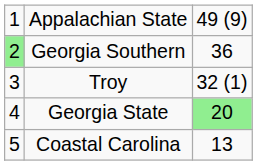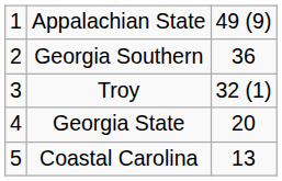 <table class="wikitable" style="display: inline-table;">
 <tr align="center">
 <td>1</td>
 <td>Appalachian State</td>
 <td>49 (9)</td>
 </tr>
 <tr align="center">
-<td style="background: lightgreen;">2</td>
+<td>2</td>
 <td>Georgia Southern</td>
 <td>36</td>
 </tr>
 <tr align="center">
 <td>3</td>
 <td>Troy</td>
 <td>32 (1)</td>
 </tr>
 <tr align="center">
 <td>4</td>
 <td>Georgia State</td>
-<td style="background: lightgreen;">20</td>
+<td>20</td>
 </tr>
 <tr align="center">
 <td>5</td>
 <td>Coastal Carolina</td>
 <td>13</td>
 </tr>
 </table>
